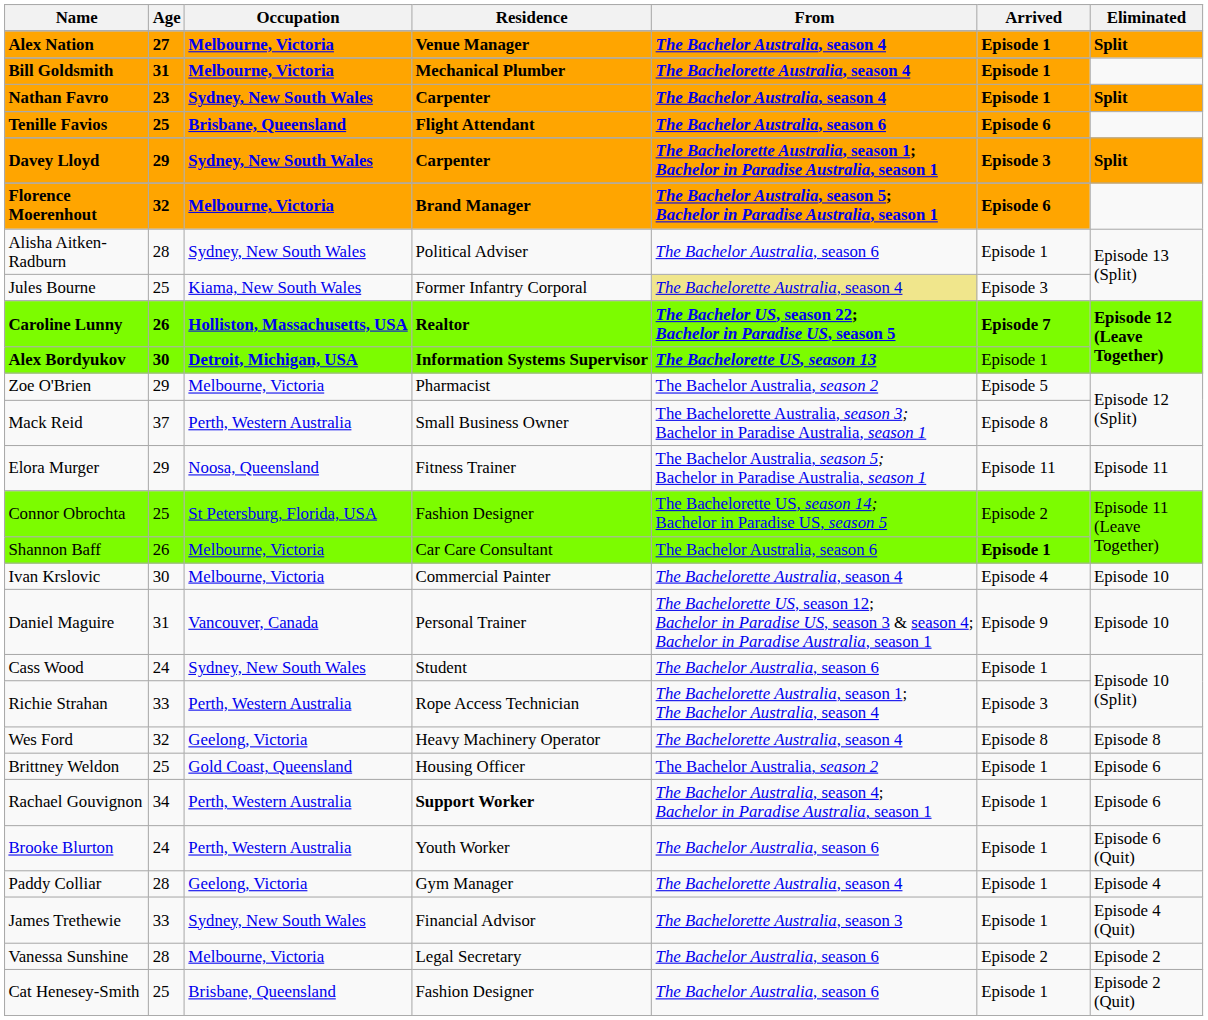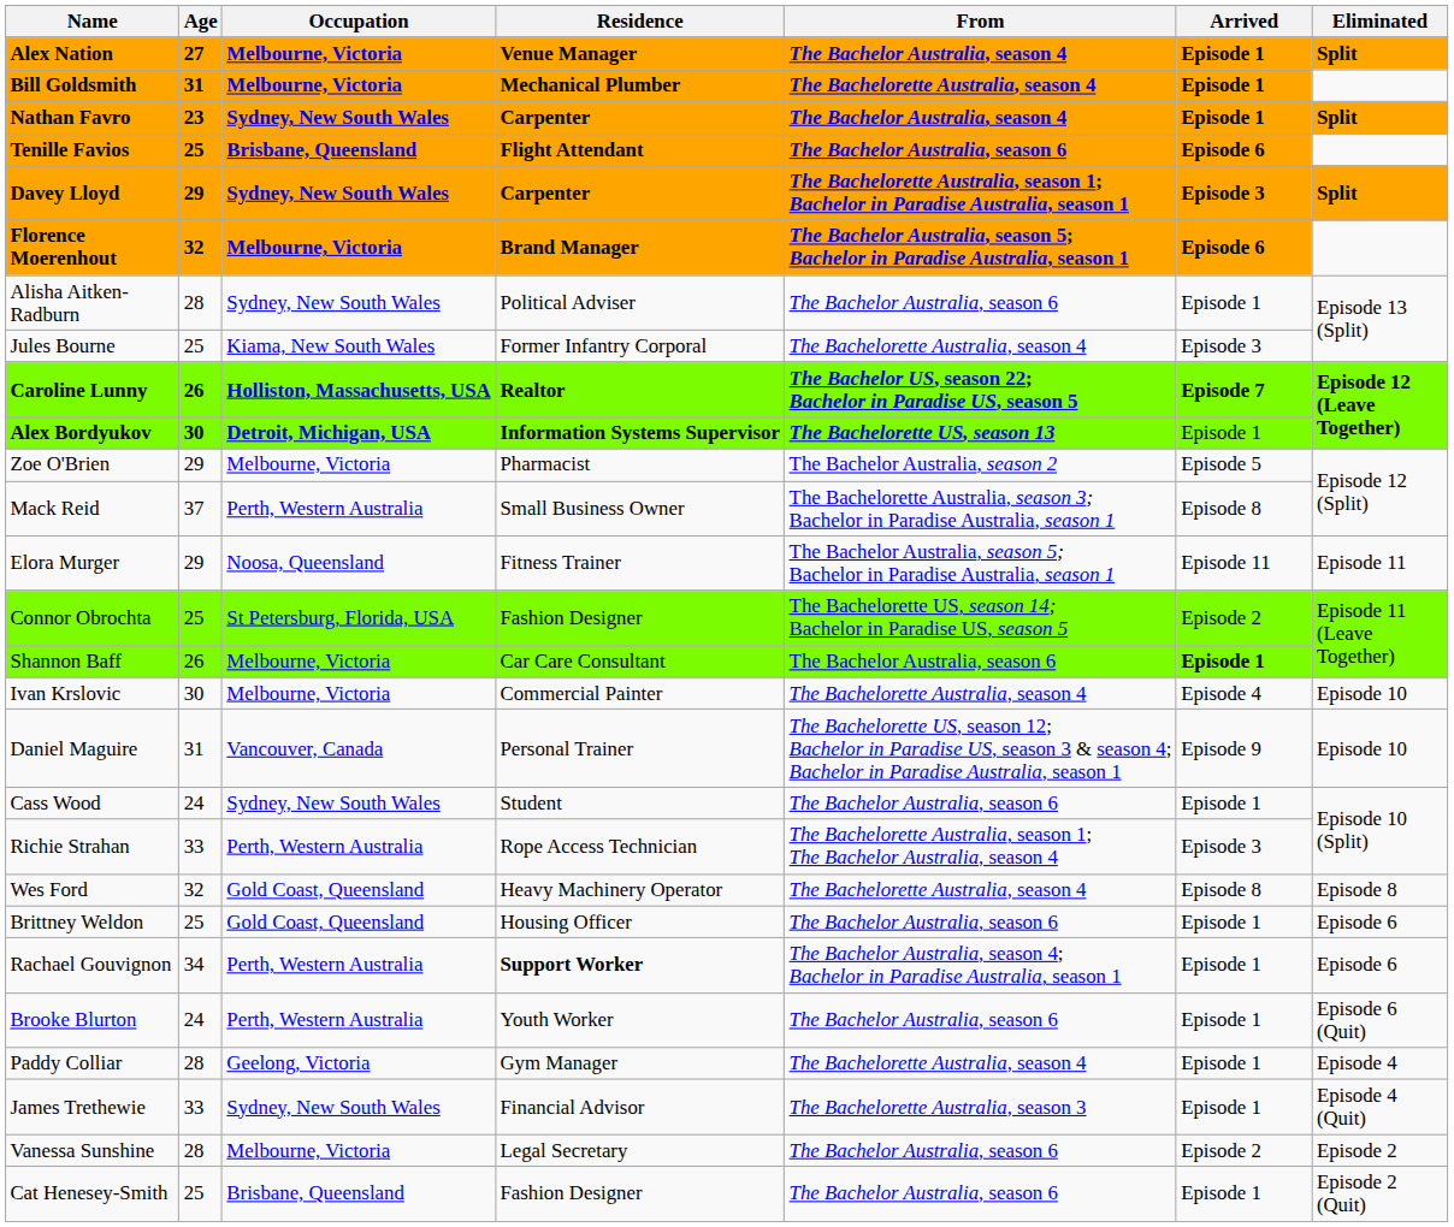 <table class="wikitable sortable" style="text-align:left;">
 <tr>
 <th width=130>Name</th>
 <th width=5>Age</th>
 <th>Occupation</th>
 <th>Residence</th>
 <th>From</th>
 <th width=100>Arrived</th>
 <th width=100>Eliminated</th>
 </tr>
 <tr>
 </tr>
 <tr>
 </tr>
 <tr style="font-weight:bold;background:orange;">
 <td>Alex Nation</td>
 <td>27</td>
 <td><strong><a href='#'>Melbourne, Victoria</a></strong></td>
 <td>Venue Manager</td>
 <td><strong><a href='#'><em>The Bachelor Australia</em>, season 4</a></strong></td>
 <td>Episode 1</td>
 <td rowspan="2">Split</td>
 </tr>
 <tr>
 </tr>
 <tr style="font-weight:bold;background:orange;">
 <td>Bill Goldsmith</td>
 <td>31</td>
 <td><strong><a href='#'>Melbourne, Victoria</a></strong></td>
 <td>Mechanical Plumber</td>
 <td><strong><a href='#'><em>The Bachelorette Australia</em>, season 4</a></strong></td>
 <td>Episode 1</td>
 </tr>
 <tr style="font-weight:bold;background:orange;">
 <td>Nathan Favro</td>
 <td>23</td>
 <td><strong><a href='#'>Sydney, New South Wales</a></strong></td>
 <td>Carpenter</td>
 <td><strong><a href='#'><em>The Bachelor Australia</em>, season 4</a></strong></td>
 <td>Episode 1</td>
 <td rowspan="2">Split</td>
 </tr>
 <tr>
 </tr>
 <tr style="font-weight:bold;background:orange;">
 <td>Tenille Favios</td>
 <td>25</td>
 <td><strong><a href='#'>Brisbane, Queensland</a></strong></td>
 <td>Flight Attendant</td>
 <td><strong><a href='#'><em>The Bachelor Australia</em>, season 6</a></strong></td>
 <td>Episode 6</td>
 </tr>
 <tr>
 </tr>
 <tr style="font-weight:bold;background:orange;">
 <td>Davey Lloyd</td>
 <td>29</td>
 <td><strong><a href='#'>Sydney, New South Wales</a></strong></td>
 <td>Carpenter</td>
 <td><strong><a href='#'><em>The Bachelorette Australia</em>, season 1</a>;<br><a href='#'><em>Bachelor in Paradise Australia</em>, season 1</a></strong></td>
 <td>Episode 3</td>
 <td rowspan="2">Split</td>
 </tr>
 <tr>
 </tr>
 <tr style="font-weight:bold;background:orange;">
 <td>Florence Moerenhout</td>
 <td>32</td>
 <td><strong><a href='#'>Melbourne, Victoria</a></strong></td>
 <td>Brand Manager</td>
 <td><strong><a href='#'><em>The Bachelor Australia</em>, season 5</a>; <br><a href='#'><em>Bachelor in Paradise Australia</em>, season 1</a></strong></td>
 <td>Episode 6</td>
 </tr>
 <tr>
 <td>Alisha Aitken-Radburn</td>
 <td>28</td>
 <td><a href='#'>Sydney, New South Wales</a></td>
 <td>Political Adviser</td>
 <td><a href='#'><em>The Bachelor Australia</em>, season 6</a></td>
 <td>Episode 1</td>
 <td rowspan="2">Episode 13 (Split)</td>
 </tr>
 <tr>
 <td>Jules Bourne</td>
 <td>25</td>
 <td><a href='#'>Kiama, New South Wales</a></td>
 <td>Former Infantry Corporal</td>
-<td style="background: khaki;"><a href='#'><em>The Bachelorette Australia</em>, season 4</a></td>
+<td><a href='#'><em>The Bachelorette Australia</em>, season 4</a></td>
 <td>Episode 3</td>
 </tr>
 <tr bgcolor="#7CFC00">
 <td><strong>Caroline Lunny</strong></td>
 <td><strong>26</strong></td>
 <td><a href='#'><strong>Holliston, Massachusetts, USA</strong></a></td>
 <td><strong>Realtor</strong></td>
 <td><strong><a href='#'><em>The Bachelor US</em>, season 22</a>; <br><a href='#'><em>Bachelor in Paradise US</em>, season 5</a></strong></td>
 <td><strong>Episode 7</strong></td>
 <td rowspan="2"><strong>Episode 12 (Leave Together)</strong></td>
 </tr>
 <tr bgcolor="#7CFC00">
 <td><strong>Alex Bordyukov</strong></td>
 <td><strong>30</strong></td>
 <td><strong><a href='#'>Detroit, Michigan, USA</a></strong></td>
 <td><strong>Information Systems Supervisor</strong></td>
 <td><a href='#'><strong><em>The Bachelorette US<em>, season 13<strong></a></td>
 <td></strong>Episode 1<strong></td>
 </tr>
 <tr>
 <td>Zoe O'Brien</td>
 <td>29</td>
 <td><a href='#'>Melbourne, Victoria</a></td>
 <td>Pharmacist</td>
 <td><a href='#'></em>The Bachelor Australia<em>, season 2</a></td>
 <td>Episode 5</td>
 <td rowspan="2">Episode 12 (Split)</td>
 </tr>
 <tr>
 <td>Mack Reid</td>
 <td>37</td>
 <td><a href='#'>Perth, Western Australia</a></td>
 <td>Small Business Owner</td>
 <td><a href='#'></em>The Bachelorette Australia<em>, season 3</a>; <br><a href='#'></em>Bachelor in Paradise Australia<em>, season 1</a></td>
 <td>Episode 8</td>
 </tr>
 <tr>
 <td>Elora Murger</td>
 <td>29</td>
 <td><a href='#'>Noosa, Queensland</a></td>
 <td>Fitness Trainer</td>
 <td><a href='#'></em>The Bachelor Australia<em>, season 5</a>;<br><a href='#'></em>Bachelor in Paradise Australia<em>, season 1</a></td>
 <td>Episode 11</td>
 <td>Episode 11</td>
 </tr>
 <tr bgcolor="#7CFC00">
 <td></strong>Connor Obrochta<strong></td>
 <td></strong>25<strong></td>
 <td><a href='#'></strong>St Petersburg, Florida, USA<strong></a></td>
 <td></strong>Fashion Designer<strong></td>
 <td></strong><a href='#'></em>The Bachelorette US<em>, season 14</a>; <br><a href='#'></em>Bachelor in Paradise US<em>, season 5</a><strong></td>
 <td></strong>Episode 2<strong></td>
 <td rowspan="2"></strong>Episode 11 (Leave Together)<strong></td>
 </tr>
 <tr bgcolor="#7CFC00">
 <td></strong>Shannon Baff<strong></td>
 <td></strong>26<strong></td>
 <td><a href='#'></strong>Melbourne, Victoria<strong></a></td>
 <td></strong>Car Care Consultant<strong></td>
 <td><a href='#'></em></strong>The Bachelor Australia</em>, season 6</strong></a></td>
 <td><strong>Episode 1</strong></td>
 </tr>
 <tr>
 <td>Ivan Krslovic</td>
 <td>30</td>
 <td><a href='#'>Melbourne, Victoria</a></td>
 <td>Commercial Painter</td>
 <td><a href='#'><em>The Bachelorette Australia</em>, season 4</a></td>
 <td>Episode 4</td>
 <td>Episode 10</td>
 </tr>
 <tr>
 <td>Daniel Maguire</td>
 <td>31</td>
 <td><a href='#'>Vancouver, Canada</a></td>
 <td>Personal Trainer</td>
 <td><a href='#'><em>The Bachelorette US</em>, season 12</a>;<br><a href='#'><em>Bachelor in Paradise US</em>, season 3</a> & <a href='#'>season 4</a>;<br><a href='#'><em>Bachelor in Paradise Australia</em>, season 1</a></td>
 <td>Episode 9</td>
 <td>Episode 10</td>
 </tr>
 <tr>
 <td>Cass Wood</td>
 <td>24</td>
 <td><a href='#'>Sydney, New South Wales</a></td>
 <td>Student</td>
 <td><a href='#'><em>The Bachelor Australia</em>, season 6</a></td>
 <td>Episode 1</td>
 <td rowspan="2">Episode 10 (Split)</td>
 </tr>
 <tr>
 <td>Richie Strahan</td>
 <td>33</td>
 <td><a href='#'>Perth, Western Australia</a></td>
 <td>Rope Access Technician</td>
 <td><a href='#'><em>The Bachelorette Australia</em>, season 1</a>; <br><a href='#'><em>The Bachelor Australia</em>, season 4</a></td>
 <td>Episode 3</td>
 </tr>
 <tr>
 <td>Wes Ford</td>
 <td>32</td>
-<td><a href='#'>Geelong, Victoria</a></td>
+<td><a href='#'>Gold Coast, Queensland</a></td>
 <td>Heavy Machinery Operator</td>
 <td><a href='#'><em>The Bachelorette Australia</em>, season 4</a></td>
 <td>Episode 8</td>
 <td>Episode 8</td>
 </tr>
 <tr>
 <td>Brittney Weldon</td>
 <td>25</td>
 <td><a href='#'>Gold Coast, Queensland</a></td>
 <td>Housing Officer</td>
-<td><a href='#'></em>The Bachelor Australia<em>, season 2</a></td>
+<td><a href='#'><em>The Bachelor Australia</em>, season 6</a></td>
 <td>Episode 1</td>
 <td>Episode 6</td>
 </tr>
 <tr>
 <td>Rachael Gouvignon</td>
 <td>34</td>
 <td><a href='#'>Perth, Western Australia</a></td>
 <td><strong>Support Worker</strong></td>
 <td><a href='#'><em>The Bachelor Australia</em>, season 4</a>; <br><a href='#'><em>Bachelor in Paradise Australia</em>, season 1</a></td>
 <td>Episode 1</td>
 <td>Episode 6</td>
 </tr>
 <tr>
 <td><a href='#'>Brooke Blurton</a></td>
 <td>24</td>
 <td><a href='#'>Perth, Western Australia</a></td>
 <td>Youth Worker</td>
 <td><a href='#'><em>The Bachelor Australia</em>, season 6</a></td>
 <td>Episode 1</td>
 <td>Episode 6 (Quit)</td>
 </tr>
 <tr>
 <td>Paddy Colliar</td>
 <td>28</td>
 <td><a href='#'>Geelong, Victoria</a></td>
 <td>Gym Manager</td>
 <td><a href='#'><em>The Bachelorette Australia</em>, season 4</a></td>
 <td>Episode 1</td>
 <td>Episode 4</td>
 </tr>
 <tr>
 <td>James Trethewie</td>
 <td>33</td>
 <td><a href='#'>Sydney, New South Wales</a></td>
 <td>Financial Advisor</td>
 <td><a href='#'><em>The Bachelorette Australia</em>, season 3</a></td>
 <td>Episode 1</td>
 <td>Episode 4 (Quit)</td>
 </tr>
 <tr>
 <td>Vanessa Sunshine</td>
 <td>28</td>
 <td><a href='#'>Melbourne, Victoria</a></td>
 <td>Legal Secretary</td>
 <td><a href='#'><em>The Bachelor Australia</em>, season 6</a></td>
 <td>Episode 2</td>
 <td>Episode 2</td>
 </tr>
 <tr>
 <td>Cat Henesey-Smith</td>
 <td>25</td>
 <td><a href='#'>Brisbane, Queensland</a></td>
 <td>Fashion Designer</td>
 <td><a href='#'><em>The Bachelor Australia</em>, season 6</a></td>
 <td>Episode 1</td>
 <td>Episode 2 (Quit)</td>
 </tr>
 <tr>
 </tr>
 </table>
